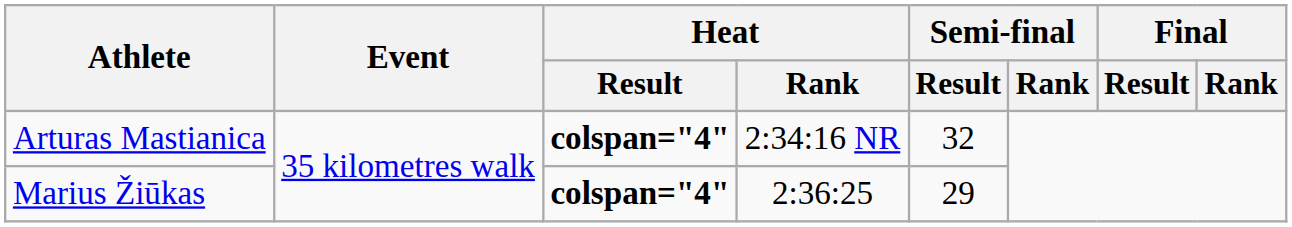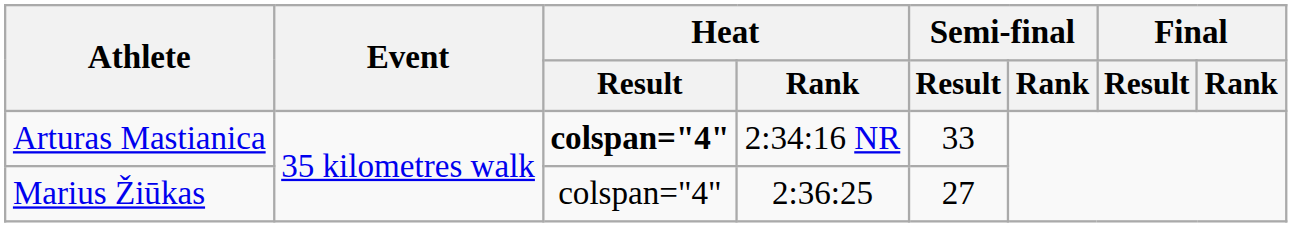 <table class=wikitable style=font-size:90%>
 <tr>
 <th rowspan=2>Athlete</th>
 <th rowspan=2>Event</th>
 <th colspan=2>Heat</th>
 <th colspan=2>Semi-final</th>
 <th colspan=2>Final</th>
 </tr>
 <tr style=font-size:95%>
 <th>Result</th>
 <th>Rank</th>
 <th>Result</th>
 <th>Rank</th>
 <th>Result</th>
 <th>Rank</th>
 </tr>
 <tr align=center>
 <td align=left><a href='#'>Arturas Mastianica</a></td>
 <td rowspan=2><a href='#'>35 kilometres walk</a></td>
 <td><strong>colspan="4" </strong></td>
 <td>2:34:16 <a href='#'>NR</a></td>
-<td>32</td>
+<td>33</td>
 </tr>
 <tr align=center>
 <td align=left><a href='#'>Marius Žiūkas</a></td>
-<td><strong>colspan="4" </strong></td>
+<td>colspan="4" </td>
 <td>2:36:25</td>
-<td>29</td>
+<td>27</td>
 </tr>
 </table>
